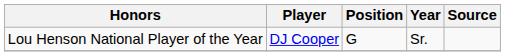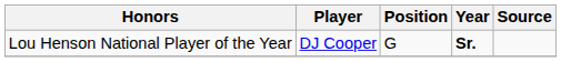 <table class="wikitable" border="1">
 <tr>
 <th style=>Honors</th>
 <th style=>Player</th>
 <th style=>Position</th>
 <th style=>Year</th>
 <th style=>Source</th>
 </tr>
 <tr>
 <td>Lou Henson National Player of the Year</td>
 <td><a href='#'>DJ Cooper</a></td>
 <td>G</td>
-<td>Sr.</td>
+<td><strong>Sr.</strong></td>
 <td></td>
 </tr>
 <tr>
 </tr>
 </table>
